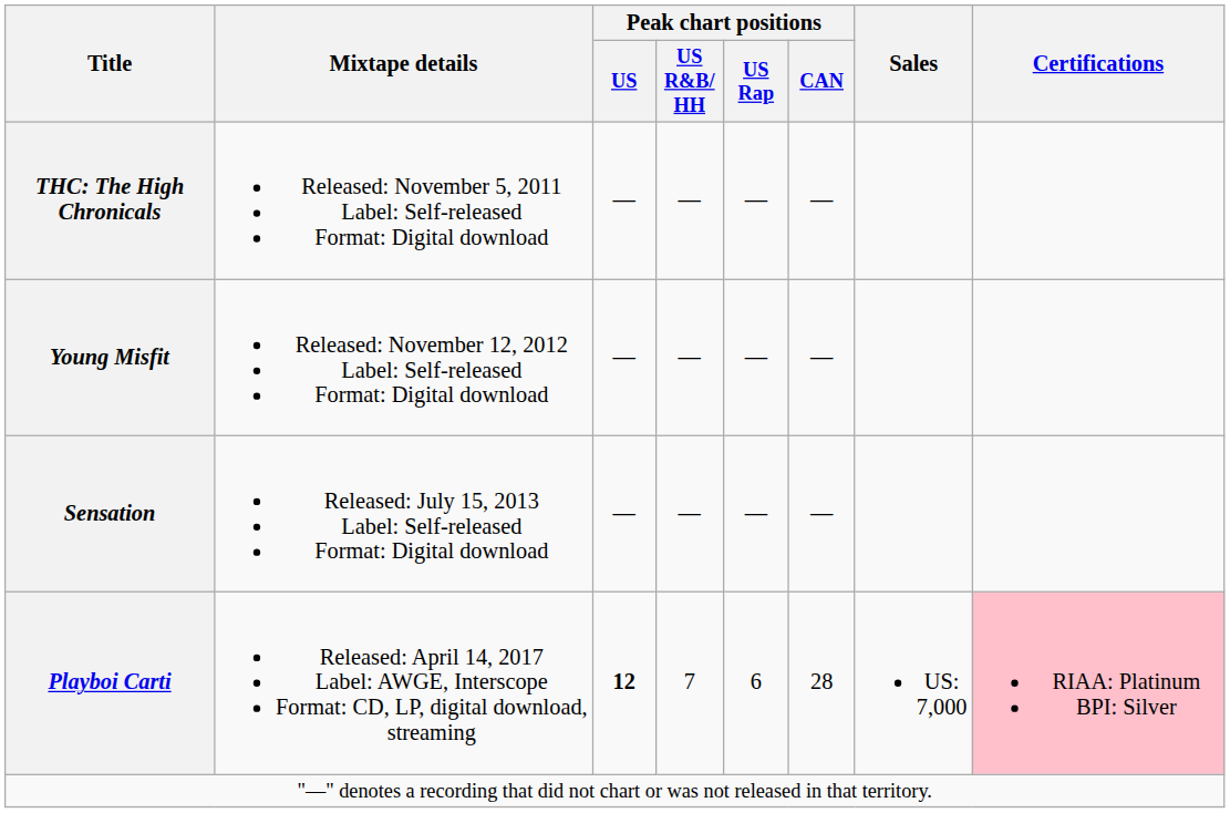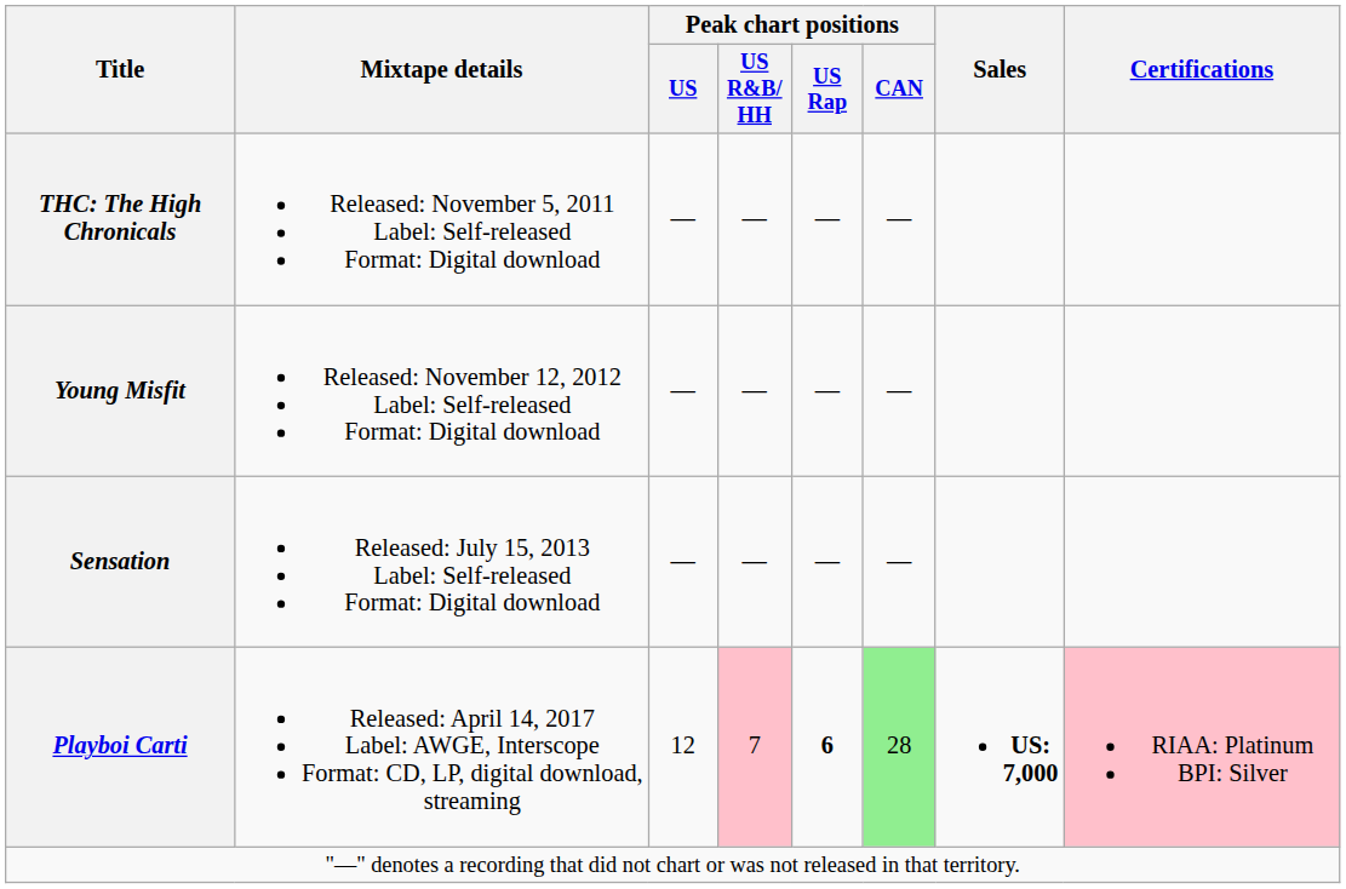 <table class="wikitable plainrowheaders" style="text-align:center;">
 <tr>
 <th scope="col" rowspan="2" style="width:10em;">Title</th>
 <th scope="col" rowspan="2" style="width:19em;">Mixtape details</th>
 <th scope="col" colspan="4">Peak chart positions</th>
 <th rowspan="2">Sales</th>
 <th rowspan="2" scope="col" style="width:12em;"><a href='#'>Certifications</a></th>
 </tr>
 <tr>
 <th style="width:3em;font-size:90%;"><a href='#'>US</a><br></th>
 <th style="width:3em;font-size:90%;"><a href='#'>US R&B/<br>HH</a><br></th>
 <th style="width:3em;font-size:90%;"><a href='#'>US Rap</a><br></th>
 <th style="width:3em;font-size:90%;"><a href='#'>CAN</a><br></th>
 </tr>
 <tr>
 <th scope="row"><em>THC: The High Chronicals</em><br></th>
 <td><br><ul><li>Released: November 5, 2011</li><li>Label: Self-released</li><li>Format: Digital download</li></ul></td>
 <td>—</td>
 <td>—</td>
 <td>—</td>
 <td>—</td>
 <td></td>
 <td></td>
 </tr>
 <tr>
 <th scope="row"><em>Young Misfit</em><br></th>
 <td><br><ul><li>Released: November 12, 2012</li><li>Label: Self-released</li><li>Format: Digital download</li></ul></td>
 <td>—</td>
 <td>—</td>
 <td>—</td>
 <td>—</td>
 <td></td>
 <td></td>
 </tr>
 <tr>
 <th scope="row"><em>Sensation</em><br></th>
 <td><br><ul><li>Released: July 15, 2013</li><li>Label: Self-released</li><li>Format: Digital download</li></ul></td>
 <td>—</td>
 <td>—</td>
 <td>—</td>
 <td>—</td>
 <td></td>
 <td></td>
 </tr>
 <tr>
 <th scope="row"><em><a href='#'>Playboi Carti</a></em></th>
 <td><br><ul><li>Released: April 14, 2017</li><li>Label: AWGE, Interscope</li><li>Format: CD, LP, digital download, streaming</li></ul></td>
-<td><strong>12</strong></td>
-<td>7</td>
-<td>6</td>
-<td>28</td>
-<td><br><ul><li>US: 7,000</li></ul></td>
+<td>12</td>
+<td style="background: pink;">7</td>
+<td><strong>6</strong></td>
+<td style="background: lightgreen;">28</td>
+<td><strong><br><ul><li>US: 7,000</li></ul></strong></td>
 <td style="background: pink;"><br><ul><li>RIAA: Platinum</li><li>BPI: Silver</li></ul></td>
 </tr>
 <tr>
 <td colspan="9" style="font-size:90%">"—" denotes a recording that did not chart or was not released in that territory.</td>
 </tr>
 </table>
